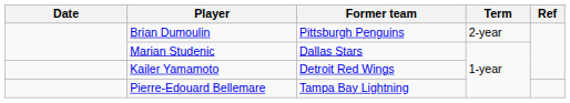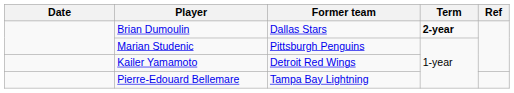 <table class="wikitable">
 <tr style="background:#ddd; text-align:center;">
 <th style="width: 10em;">Date</th>
 <th style="width: 14em;">Player</th>
 <th style="width: 14em;">Former team</th>
 <th style="width: 5em;">Term</th>
 <th style="width: 2.5em;">Ref</th>
 </tr>
 <tr>
 <td rowspan=2></td>
 <td><a href='#'>Brian Dumoulin</a></td>
-<td><a href='#'>Pittsburgh Penguins</a></td>
-<td>2-year</td>
+<td><a href='#'>Dallas Stars</a></td>
+<td><strong>2-year</strong></td>
 <td rowspan=3></td>
 </tr>
 <tr>
 <td><a href='#'>Marian Studenic</a></td>
-<td><a href='#'>Dallas Stars</a></td>
+<td><a href='#'>Pittsburgh Penguins</a></td>
 <td rowspan=3>1-year</td>
 </tr>
 <tr>
 <td></td>
 <td><a href='#'>Kailer Yamamoto</a></td>
 <td><a href='#'>Detroit Red Wings</a></td>
 </tr>
 <tr>
 <td></td>
 <td><a href='#'>Pierre-Edouard Bellemare</a></td>
 <td><a href='#'>Tampa Bay Lightning</a></td>
 <td></td>
 </tr>
 </table>
